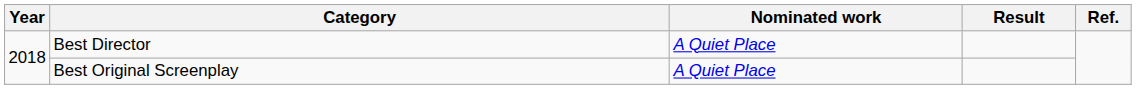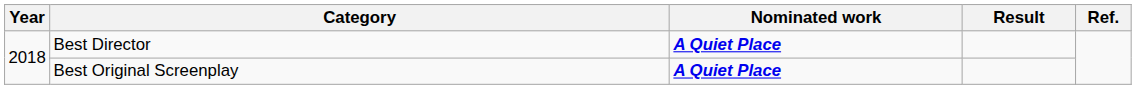 <table class="wikitable" style="width:85%;">
 <tr>
 <th style="width:4%;">Year</th>
 <th style="width:55%;">Category</th>
 <th style="width:26%;">Nominated work</th>
 <th style="width:10%;">Result</th>
 <th width=5%>Ref.</th>
 </tr>
 <tr>
 <td rowspan=2>2018</td>
 <td>Best Director</td>
-<td><em><a href='#'>A Quiet Place</a></em></td>
+<td><strong><em><a href='#'>A Quiet Place</a></em></strong></td>
 <td></td>
 <td rowspan="2" align="center"></td>
 </tr>
 <tr>
 <td>Best Original Screenplay</td>
-<td><em><a href='#'>A Quiet Place</a></em></td>
+<td><strong><em><a href='#'>A Quiet Place</a></em></strong></td>
 <td></td>
 </tr>
 </table>
